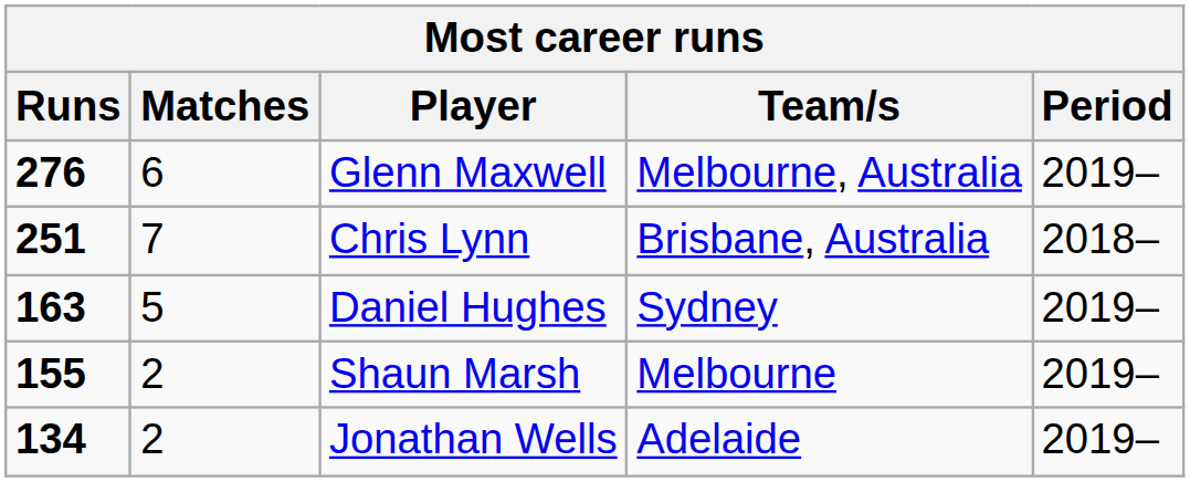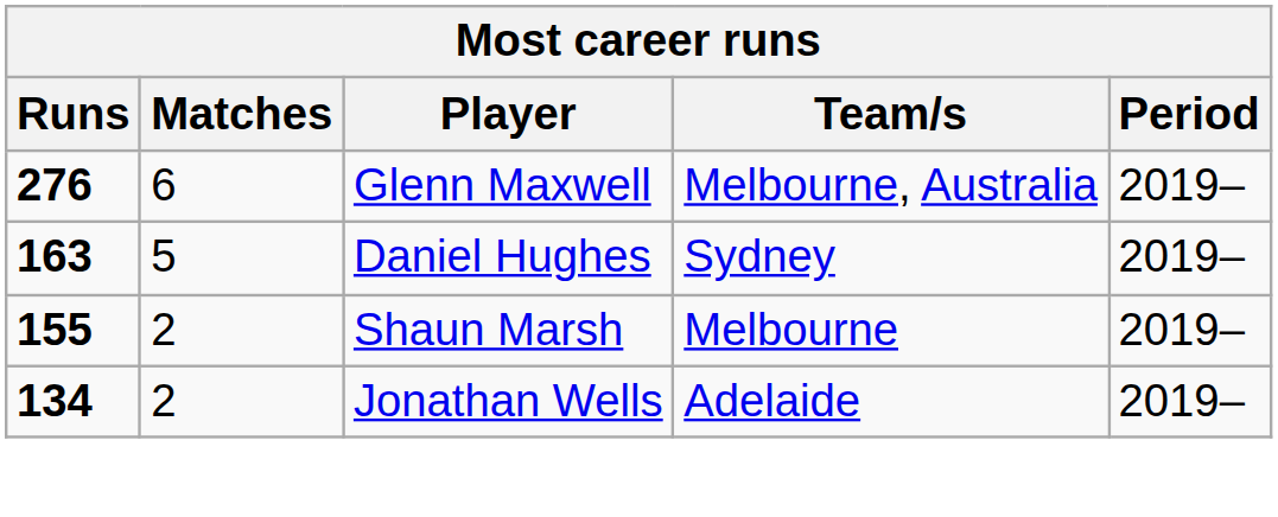 <table class="wikitable">
 <tr>
 <th colspan=5>Most career runs</th>
 </tr>
 <tr>
 <th>Runs</th>
 <th>Matches</th>
 <th>Player</th>
 <th>Team/s</th>
 <th>Period</th>
 </tr>
 <tr>
 <td><strong>276</strong></td>
 <td>6</td>
 <td> <a href='#'>Glenn Maxwell</a></td>
 <td><a href='#'>Melbourne</a>, <a href='#'>Australia</a></td>
 <td>2019–</td>
-</tr>
-<tr>
-<td><strong>251</strong></td>
-<td>7</td>
-<td> <a href='#'>Chris Lynn</a></td>
-<td><a href='#'>Brisbane</a>, <a href='#'>Australia</a></td>
-<td>2018–</td>
 </tr>
 <tr>
 <td><strong>163</strong></td>
 <td>5</td>
 <td> <a href='#'>Daniel Hughes</a></td>
 <td><a href='#'>Sydney</a></td>
 <td>2019–</td>
 </tr>
 <tr>
 <td><strong>155</strong></td>
 <td>2</td>
 <td> <a href='#'>Shaun Marsh</a></td>
 <td><a href='#'>Melbourne</a></td>
 <td>2019–</td>
 </tr>
 <tr>
 <td><strong>134</strong></td>
 <td>2</td>
 <td> <a href='#'>Jonathan Wells</a></td>
 <td><a href='#'>Adelaide</a></td>
 <td>2019–<br>   </td>
 </tr>
 </table>
